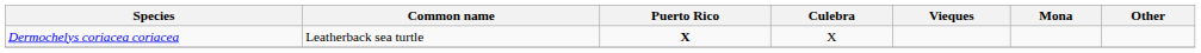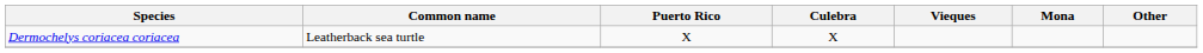 <table width=90% class="wikitable">
 <tr>
 <th width=25%>Species</th>
 <th width=25%>Common name</th>
 <th>Puerto Rico</th>
 <th>Culebra</th>
 <th>Vieques</th>
 <th>Mona</th>
 <th>Other</th>
 </tr>
 <tr>
 <td><em><a href='#'>Dermochelys coriacea coriacea</a></em></td>
 <td>Leatherback sea turtle</td>
-<td align=center><strong>X</strong></td>
+<td align=center>X</td>
 <td align=center>X</td>
 <td></td>
 <td></td>
 <td></td>
 </tr>
 <tr>
 </tr>
 </table>
